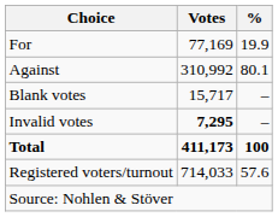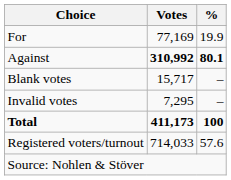 <table class=wikitable style=text-align:right>
 <tr>
 <th>Choice</th>
 <th>Votes</th>
 <th>%</th>
 </tr>
 <tr>
 <td align=left>For</td>
 <td>77,169</td>
 <td>19.9</td>
 </tr>
 <tr>
 <td align=left>Against</td>
-<td>310,992</td>
-<td>80.1</td>
+<td><strong>310,992</strong></td>
+<td><strong>80.1</strong></td>
 </tr>
 <tr>
 <td align=left>Blank votes</td>
 <td>15,717</td>
 <td>–</td>
 </tr>
 <tr>
 <td align=left>Invalid votes</td>
-<td><strong>7,295</strong></td>
+<td>7,295</td>
 <td>–</td>
 </tr>
 <tr>
 <td align=left><strong>Total</strong></td>
 <td><strong>411,173</strong></td>
 <td><strong>100</strong></td>
 </tr>
 <tr>
 <td align=left>Registered voters/turnout</td>
 <td>714,033</td>
 <td>57.6</td>
 </tr>
 <tr>
 <td align=left colspan=3>Source: Nohlen & Stöver</td>
 </tr>
 </table>
